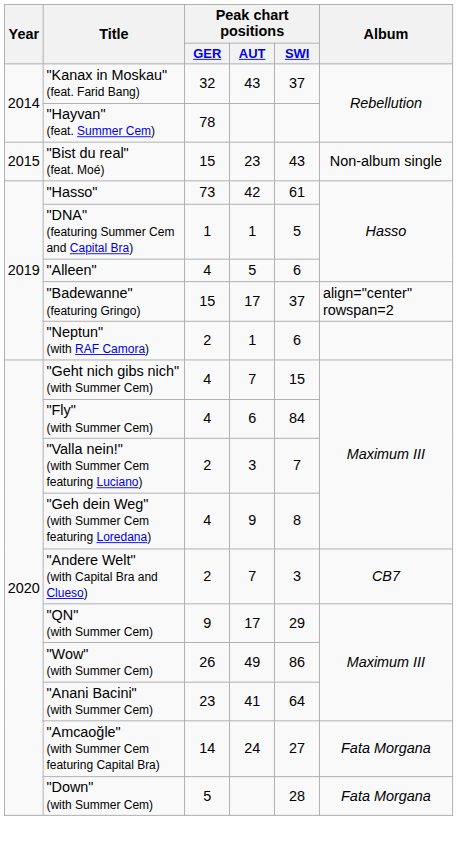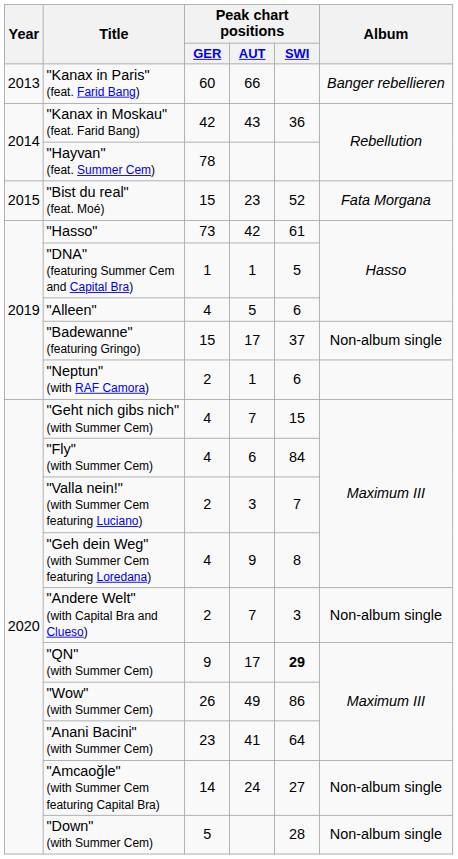 <table class="wikitable">
 <tr style="background: #eeeeee;">
 <th style="width: 20px;" rowspan="2">Year</th>
 <th style="width: 150px;" rowspan="2">Title</th>
 <th colspan="3">Peak chart positions</th>
 <th style="width: 140px;" rowspan="2">Album</th>
 </tr>
 <tr style="background: #eeeeee;">
 <th scope="col" style="width:3em;font-size:90%;"><a href='#'>GER</a><br></th>
 <th scope="col" style="width:3em;font-size:90%;"><a href='#'>AUT</a><br></th>
 <th scope="col" style="width:3em;font-size:90%;"><a href='#'>SWI</a><br></th>
 </tr>
 <tr>
+<td>2013</td>
+<td>"Kanax in Paris" <br><small>(feat. <a href='#'>Farid Bang</a>)</small></td>
+<td align="center">60</td>
+<td align="center">66</td>
+<td align="center"></td>
+<td align="center"><em>Banger rebellieren</em></td>
+</tr>
+<tr>
 <td rowspan=2>2014</td>
 <td>"Kanax in Moskau" <br><small>(feat. Farid Bang)</small></td>
-<td align="center">32</td>
+<td align="center">42</td>
 <td align="center">43</td>
-<td align="center">37</td>
+<td align="center">36</td>
 <td align="center" rowspan=2><em>Rebellution</em></td>
 </tr>
 <tr>
 <td>"Hayvan" <br><small>(feat. <a href='#'>Summer Cem</a>)</small></td>
 <td align="center">78</td>
 <td align="center"></td>
 <td align="center"></td>
 </tr>
 <tr>
 <td>2015</td>
 <td>"Bist du real" <br><small>(feat. Moé)</small></td>
 <td align="center">15</td>
 <td align="center">23</td>
-<td align="center">43</td>
-<td align="center">Non-album single</td>
+<td align="center">52</td>
+<td align="center"><em>Fata Morgana</em></td>
 </tr>
 <tr>
 <td rowspan=5>2019</td>
 <td>"Hasso"</td>
 <td align="center">73</td>
 <td align="center">42</td>
 <td align="center">61</td>
 <td align="center" rowspan=3><em>Hasso</em></td>
 </tr>
 <tr>
 <td>"DNA" <br><small>(featuring Summer Cem and <a href='#'>Capital Bra</a>)</small></td>
 <td align="center">1</td>
 <td align="center">1</td>
 <td align="center">5</td>
 </tr>
 <tr>
 <td>"Alleen"</td>
 <td align="center">4</td>
 <td align="center">5</td>
 <td align="center">6</td>
 </tr>
 <tr>
 <td>"Badewanne" <br><small>(featuring Gringo)</small></td>
 <td align="center">15</td>
 <td align="center">17</td>
 <td align="center">37</td>
-<td>align="center" rowspan=2 </td>
+<td align="center">Non-album single</td>
 </tr>
 <tr>
 <td>"Neptun" <br><small>(with <a href='#'>RAF Camora</a>)</small></td>
 <td align="center">2</td>
 <td align="center">1</td>
 <td align="center">6</td>
 </tr>
 <tr>
 <td rowspan=10>2020</td>
 <td>"Geht nich gibs nich" <br><small>(with Summer Cem)</small></td>
 <td align="center">4</td>
 <td align="center">7</td>
 <td align="center">15</td>
 <td align="center" rowspan=4><em>Maximum III</em></td>
 </tr>
 <tr>
 <td>"Fly" <br><small>(with Summer Cem)</small></td>
 <td align="center">4</td>
 <td align="center">6</td>
 <td align="center">84</td>
 </tr>
 <tr>
 <td>"Valla nein!" <br><small>(with Summer Cem featuring <a href='#'>Luciano</a>)</small></td>
 <td align="center">2</td>
 <td align="center">3</td>
 <td align="center">7</td>
 </tr>
 <tr>
 <td>"Geh dein Weg" <br><small>(with Summer Cem featuring <a href='#'>Loredana</a>)</small></td>
 <td align="center">4</td>
 <td align="center">9</td>
 <td align="center">8</td>
 </tr>
 <tr>
 <td>"Andere Welt" <br><small>(with Capital Bra and <a href='#'>Clueso</a>)</small></td>
 <td align="center">2</td>
 <td align="center">7</td>
 <td align="center">3</td>
-<td align="center"><em>CB7</em></td>
+<td align="center">Non-album single</td>
 </tr>
 <tr>
 <td>"QN" <br><small>(with Summer Cem)</small></td>
 <td align="center">9</td>
 <td align="center">17</td>
-<td align="center">29</td>
+<td align="center"><strong>29</strong></td>
 <td align="center" rowspan=3><em>Maximum III</em></td>
 </tr>
 <tr>
 <td>"Wow" <br><small>(with Summer Cem)</small></td>
 <td align="center">26</td>
 <td align="center">49</td>
 <td align="center">86</td>
 </tr>
 <tr>
 <td>"Anani Bacini" <br><small>(with Summer Cem)</small></td>
 <td align="center">23</td>
 <td align="center">41</td>
 <td align="center">64</td>
 </tr>
 <tr>
 <td>"Amcaoğle" <br><small>(with Summer Cem featuring Capital Bra)</small></td>
 <td align="center">14</td>
 <td align="center">24</td>
 <td align="center">27</td>
-<td align="center"><em>Fata Morgana</em></td>
+<td align="center">Non-album single</td>
 </tr>
 <tr>
 <td>"Down" <br><small>(with Summer Cem)</small></td>
 <td align="center">5</td>
 <td align="center"></td>
 <td align="center">28</td>
-<td align="center"><em>Fata Morgana</em></td>
+<td align="center">Non-album single</td>
 </tr>
 </table>
